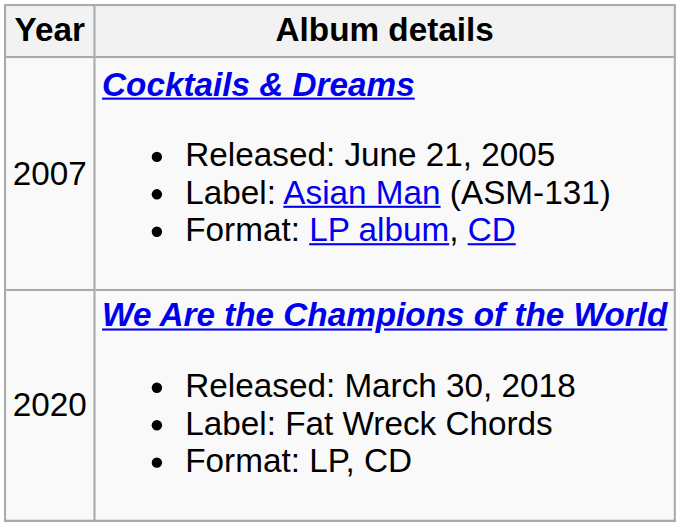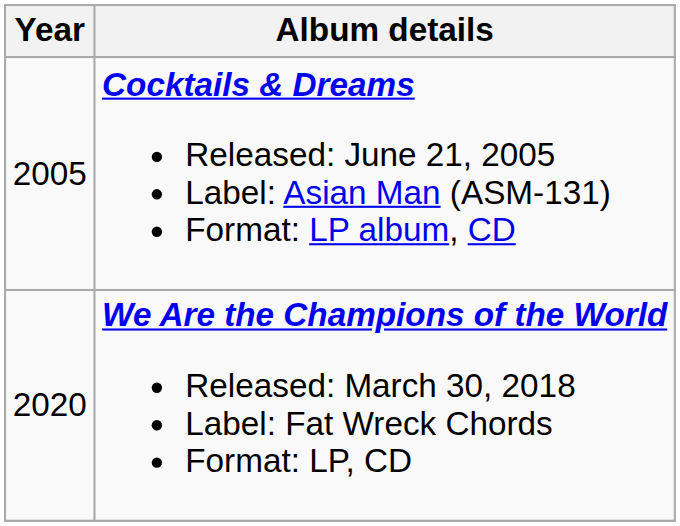 <table class ="wikitable">
 <tr>
 <th>Year</th>
 <th>Album details</th>
 </tr>
 <tr>
-<td>2007</td>
+<td>2005</td>
 <td><strong><em><a href='#'>Cocktails & Dreams</a></em></strong><br><ul><li>Released: June 21, 2005</li><li>Label: <a href='#'>Asian Man</a> (ASM-131)</li><li>Format: <a href='#'>LP album</a>, <a href='#'>CD</a></li></ul></td>
 </tr>
 <tr>
 <td>2020</td>
 <td><strong><em><a href='#'>We Are the Champions of the World</a></em></strong><br><ul><li>Released: March 30, 2018</li><li>Label: Fat Wreck Chords</li><li>Format: LP, CD</li></ul></td>
 </tr>
 <tr>
 </tr>
 </table>
